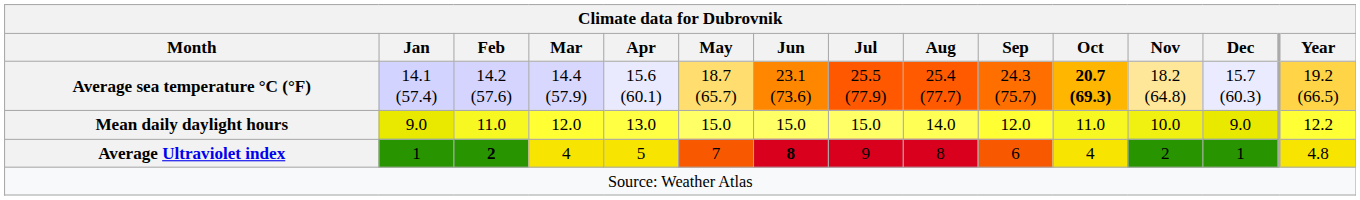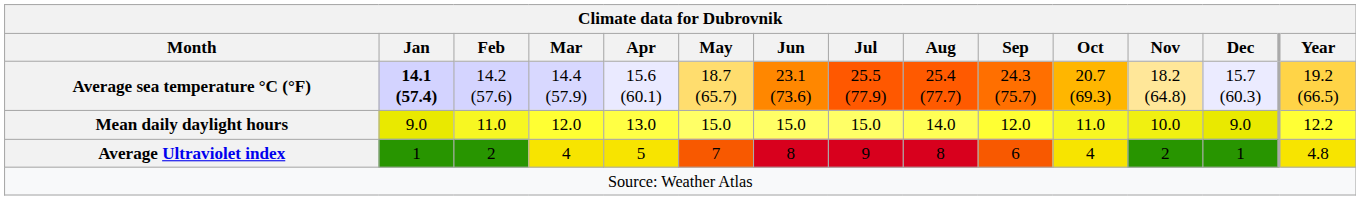 <table style="width:100%;text-align:center;line-height:1.2em;margin-left:auto;margin-right:auto" class="wikitable mw-collapsible">
 <tr>
 <th Colspan=14>Climate data for Dubrovnik</th>
 </tr>
 <tr>
 <th>Month</th>
 <th>Jan</th>
 <th>Feb</th>
 <th>Mar</th>
 <th>Apr</th>
 <th>May</th>
 <th>Jun</th>
 <th>Jul</th>
 <th>Aug</th>
 <th>Sep</th>
 <th>Oct</th>
 <th>Nov</th>
 <th>Dec</th>
 <th style="border-left-width:medium">Year</th>
 </tr>
 <tr>
 <th>Average sea temperature °C (°F)</th>
-<td style="background:#D3D3FF;color:#000000;">14.1<br>(57.4)</td>
+<td style="background:#D3D3FF;color:#000000;"><strong>14.1<br>(57.4)</strong></td>
 <td style="background:#D4D4FF;color:#000000;">14.2<br>(57.6)</td>
 <td style="background:#D8D8FF;color:#000000;">14.4<br>(57.9)</td>
 <td style="background:#EAEAFF;color:#000000;">15.6<br>(60.1)</td>
 <td style="background:#FFDD6E;color:#000000;">18.7<br>(65.7)</td>
 <td style="background:#FF8700;color:#000000;">23.1<br>(73.6)</td>
 <td style="background:#FF5800;color:#000000;">25.5<br>(77.9)</td>
 <td style="background:#FF5A00;color:#000000;">25.4<br>(77.7)</td>
 <td style="background:#FF6F00;color:#000000;">24.3<br>(75.7)</td>
-<td style="background:#FFB600;color:#000000;"><strong>20.7<br>(69.3)</strong></td>
+<td style="background:#FFB600;color:#000000;">20.7<br>(69.3)</td>
 <td style="background:#FFE799;color:#000000;">18.2<br>(64.8)</td>
 <td style="background:#EBEBFF;color:#000000;">15.7<br>(60.3)</td>
 <td style="background:#FFD447;color:#000000;border-left-width:medium">19.2<br>(66.5)</td>
 </tr>
 <tr>
 <th>Mean daily daylight hours</th>
 <td style="background:#E9E900;color:#000000;">9.0</td>
 <td style="background:#F7F722;color:#000000;">11.0</td>
 <td style="background:#FFFF33;color:#000000;">12.0</td>
 <td style="background:#FFFF44;color:#000000;">13.0</td>
 <td style="background:#FFFF66;color:#000000;">15.0</td>
 <td style="background:#FFFF66;color:#000000;">15.0</td>
 <td style="background:#FFFF66;color:#000000;">15.0</td>
 <td style="background:#FFFF55;color:#000000;">14.0</td>
 <td style="background:#FFFF33;color:#000000;">12.0</td>
 <td style="background:#F7F722;color:#000000;">11.0</td>
 <td style="background:#F0F011;color:#000000;">10.0</td>
 <td style="background:#E9E900;color:#000000;">9.0</td>
 <td style="background:#FFFF35;color:#000000;border-left-width:medium">12.2</td>
 </tr>
 <tr>
 <th>Average <a href='#'>Ultraviolet index</a></th>
 <td style="background:#289500;color:#000000;">1</td>
-<td style="background:#289500;color:#000000;"><strong>2</strong></td>
+<td style="background:#289500;color:#000000;">2</td>
 <td style="background:#f7e400;color:#000000;">4</td>
 <td style="background:#f7e400;color:#000000;">5</td>
 <td style="background:#f85900;color:#000000;">7</td>
-<td style="background:#d8001d;color:#000000;"><strong>8</strong></td>
+<td style="background:#d8001d;color:#000000;">8</td>
 <td style="background:#d8001d;color:#000000;">9</td>
 <td style="background:#d8001d;color:#000000;">8</td>
 <td style="background:#f85900;color:#000000;">6</td>
 <td style="background:#f7e400;color:#000000;">4</td>
 <td style="background:#289500;color:#000000;">2</td>
 <td style="background:#289500;color:#000000;">1</td>
 <td style="background:#f7e400;color:#000000;border-left-width:medium">4.8</td>
 </tr>
 <tr>
 <th Colspan=14 style="background:#f8f9fa;font-weight:normal;font-size:95%;">Source: Weather Atlas</th>
 </tr>
 </table>
